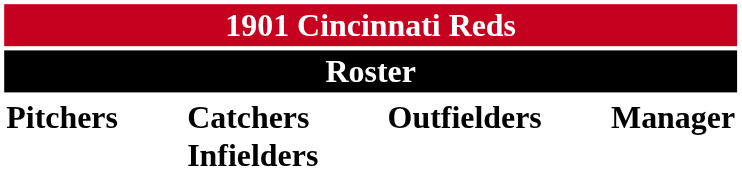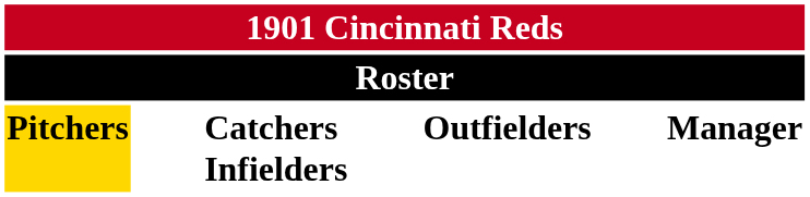 <table class="toccolours" style="font-size: 95%;">
 <tr>
 <th colspan="10" style="background-color: #c6011f; color: white; text-align: center;">1901 Cincinnati Reds</th>
 </tr>
 <tr>
 <td colspan="10" style="background-color: black; color: white; text-align: center;"><strong>Roster</strong></td>
 </tr>
 <tr>
-<td valign="top"><strong>Pitchers</strong><br>             </td>
+<td valign="top" style="background: gold;"><strong>Pitchers</strong><br>             </td>
 <td width="25px"></td>
 <td valign="top"><strong>Catchers</strong><br>    <strong>Infielders</strong>          </td>
 <td width="25px"></td>
 <td valign="top"><strong>Outfielders</strong><br>    </td>
 <td width="25px"></td>
 <td valign="top"><strong>Manager</strong><br></td>
 </tr>
 </table>
